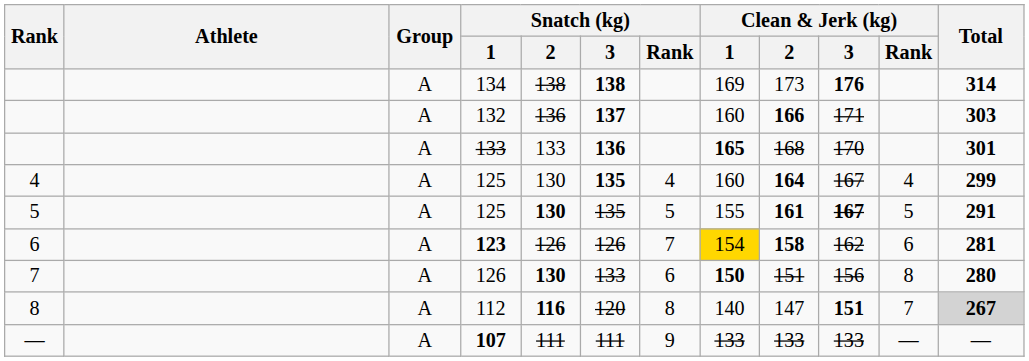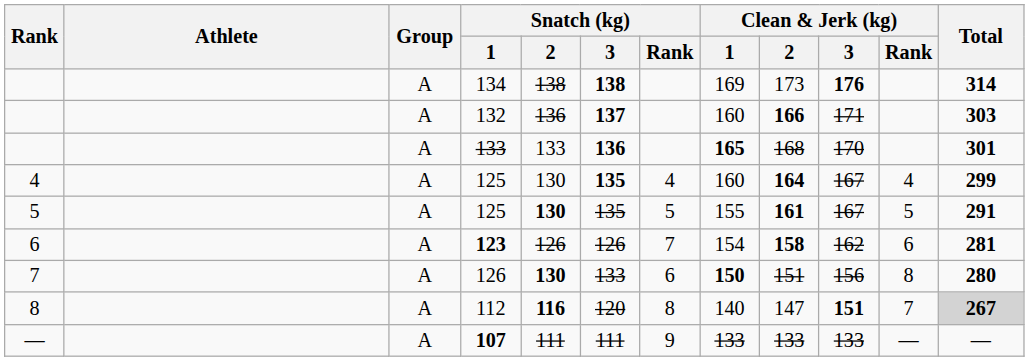 <table class = "wikitable" style="text-align:center;">
 <tr>
 <th rowspan=2 width=40>Rank</th>
 <th rowspan=2 width=250>Athlete</th>
 <th rowspan=2 width=50>Group</th>
 <th colspan=4>Snatch (kg)</th>
 <th colspan=4>Clean & Jerk (kg)</th>
 <th rowspan=2 width=60>Total</th>
 </tr>
 <tr>
 <th width=40>1</th>
 <th width=40>2</th>
 <th width=40>3</th>
 <th width=40>Rank</th>
 <th width=40>1</th>
 <th width=40>2</th>
 <th width=40>3</th>
 <th width=40>Rank</th>
 </tr>
 <tr>
 <td></td>
 <td align=left></td>
 <td>A</td>
 <td>134</td>
 <td><s>138</s></td>
 <td><strong>138</strong></td>
 <td></td>
 <td>169</td>
 <td>173</td>
 <td><strong>176</strong></td>
 <td></td>
 <td><strong>314</strong></td>
 </tr>
 <tr>
 <td></td>
 <td align=left></td>
 <td>A</td>
 <td>132</td>
 <td><s>136</s></td>
 <td><strong>137</strong></td>
 <td></td>
 <td>160</td>
 <td><strong>166</strong></td>
 <td><s>171</s></td>
 <td></td>
 <td><strong>303</strong></td>
 </tr>
 <tr>
 <td></td>
 <td align=left></td>
 <td>A</td>
 <td><s>133</s></td>
 <td>133</td>
 <td><strong>136</strong></td>
 <td></td>
 <td><strong>165</strong></td>
 <td><s>168</s></td>
 <td><s>170</s></td>
 <td></td>
 <td><strong>301</strong></td>
 </tr>
 <tr>
 <td>4</td>
 <td align=left></td>
 <td>A</td>
 <td>125</td>
 <td>130</td>
 <td><strong>135</strong></td>
 <td>4</td>
 <td>160</td>
 <td><strong>164</strong></td>
 <td><s>167</s></td>
 <td>4</td>
 <td><strong>299</strong></td>
 </tr>
 <tr>
 <td>5</td>
 <td align=left></td>
 <td>A</td>
 <td>125</td>
 <td><strong>130</strong></td>
 <td><s>135</s></td>
 <td>5</td>
 <td>155</td>
 <td><strong>161</strong></td>
-<td><strong><s>167</s></strong></td>
+<td><s>167</s></td>
 <td>5</td>
 <td><strong>291</strong></td>
 </tr>
 <tr>
 <td>6</td>
 <td align=left></td>
 <td>A</td>
 <td><strong>123</strong></td>
 <td><s>126</s></td>
 <td><s>126</s></td>
 <td>7</td>
-<td style="background: gold;">154</td>
+<td>154</td>
 <td><strong>158</strong></td>
 <td><s>162</s></td>
 <td>6</td>
 <td><strong>281</strong></td>
 </tr>
 <tr>
 <td>7</td>
 <td align=left></td>
 <td>A</td>
 <td>126</td>
 <td><strong>130</strong></td>
 <td><s>133</s></td>
 <td>6</td>
 <td><strong>150</strong></td>
 <td><s>151</s></td>
 <td><s>156</s></td>
 <td>8</td>
 <td><strong>280</strong></td>
 </tr>
 <tr>
 <td>8</td>
 <td align=left></td>
 <td>A</td>
 <td>112</td>
 <td><strong>116</strong></td>
 <td><s>120</s></td>
 <td>8</td>
 <td>140</td>
 <td>147</td>
 <td><strong>151</strong></td>
 <td>7</td>
 <td style="background: lightgrey;"><strong>267</strong></td>
 </tr>
 <tr>
 <td>—</td>
 <td align=left></td>
 <td>A</td>
 <td><strong>107</strong></td>
 <td><s>111</s></td>
 <td><s>111</s></td>
 <td>9</td>
 <td><s>133</s></td>
 <td><s>133</s></td>
 <td><s>133</s></td>
 <td>—</td>
 <td>—</td>
 </tr>
 </table>
